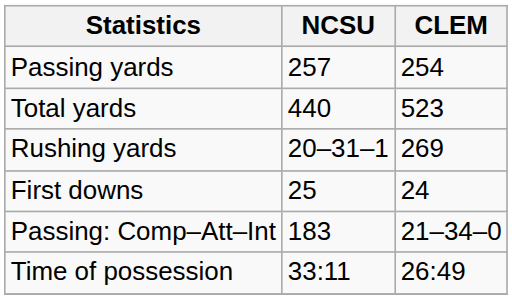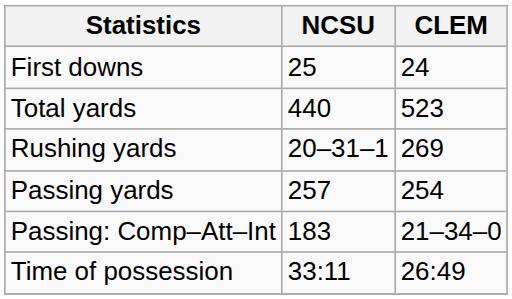 <table class="wikitable" style="float: left;">
 <tr>
 <th>Statistics</th>
 <th>NCSU</th>
 <th>CLEM</th>
 </tr>
 <tr>
-<td>Passing yards</td>
-<td>257</td>
-<td>254</td>
+<td>First downs</td>
+<td>25</td>
+<td>24</td>
 </tr>
 <tr>
 <td>Total yards</td>
 <td>440</td>
 <td>523</td>
 </tr>
 <tr>
 <td>Rushing yards</td>
 <td>20–31–1</td>
 <td>269</td>
 </tr>
 <tr>
-<td>First downs</td>
-<td>25</td>
-<td>24</td>
+<td>Passing yards</td>
+<td>257</td>
+<td>254</td>
 </tr>
 <tr>
 <td>Passing: Comp–Att–Int</td>
 <td>183</td>
 <td>21–34–0</td>
 </tr>
 <tr>
 <td>Time of possession</td>
 <td>33:11</td>
 <td>26:49</td>
 </tr>
 <tr>
 </tr>
 </table>
